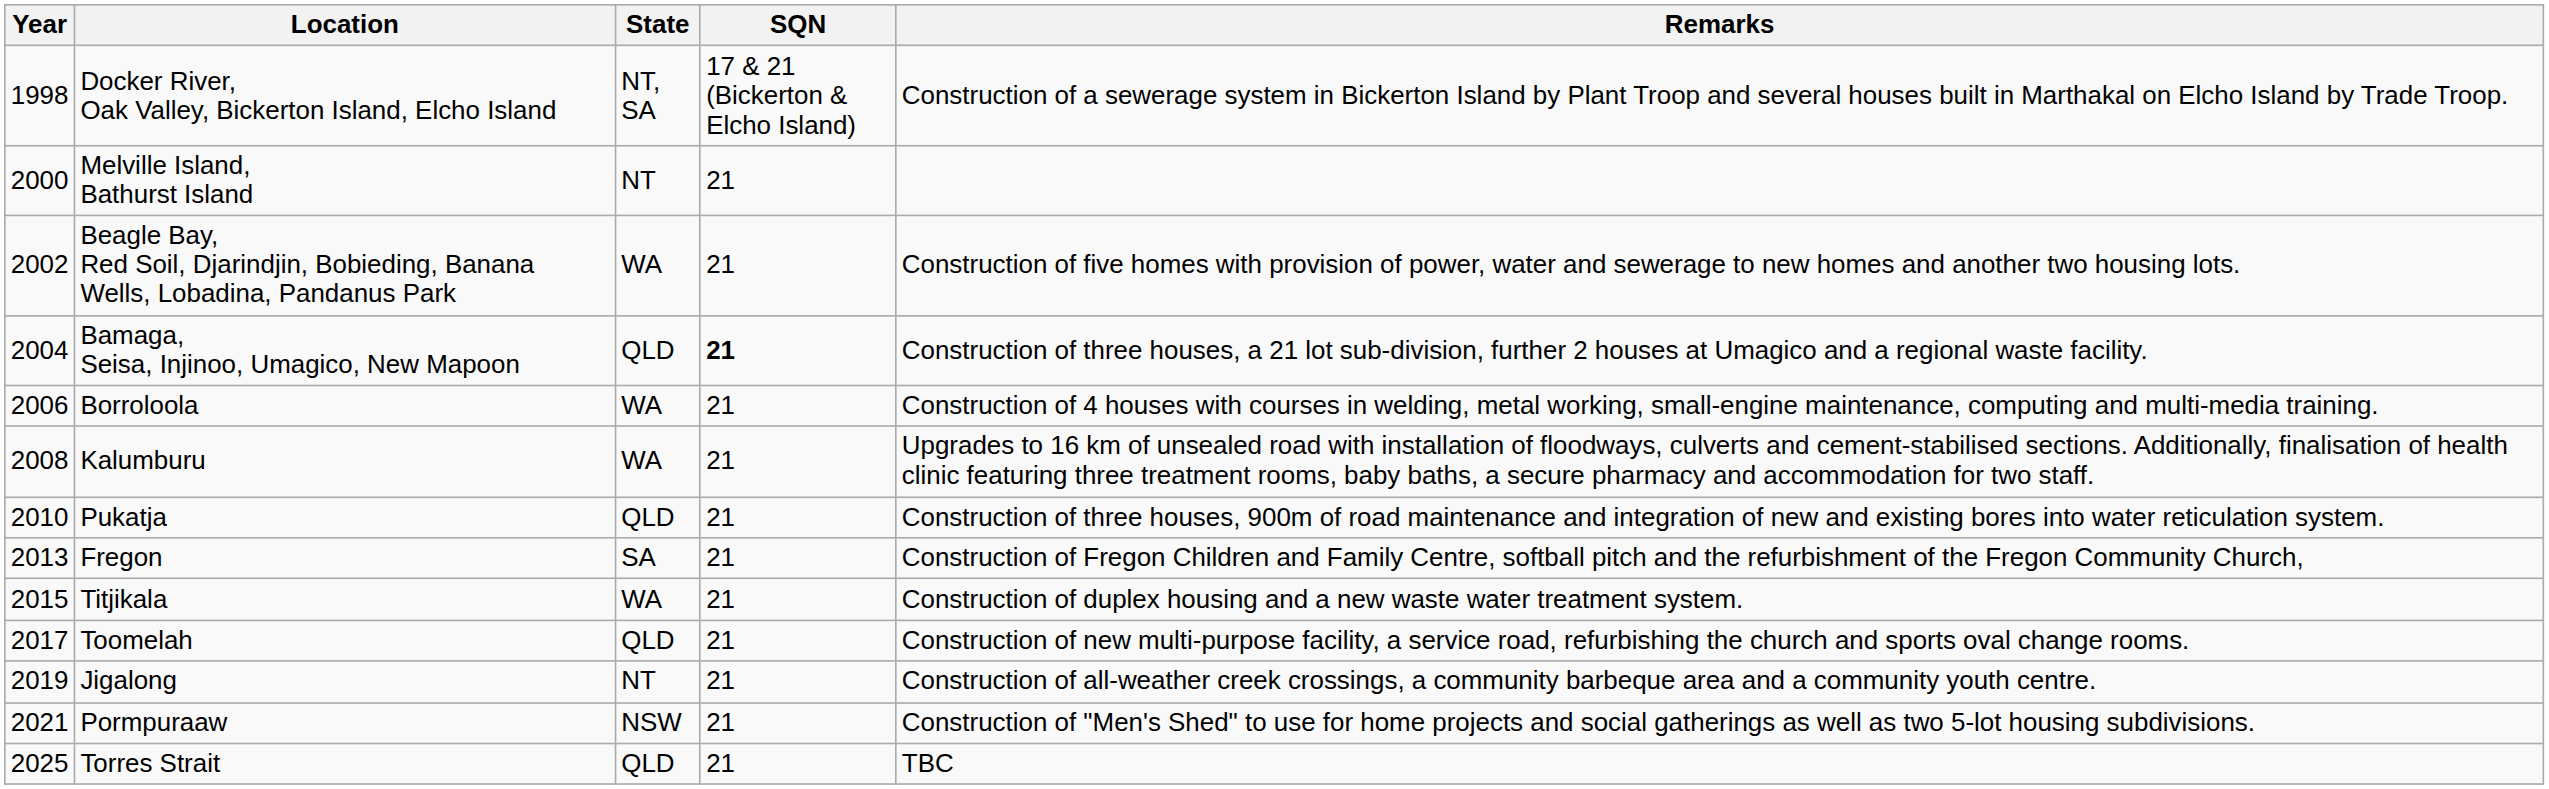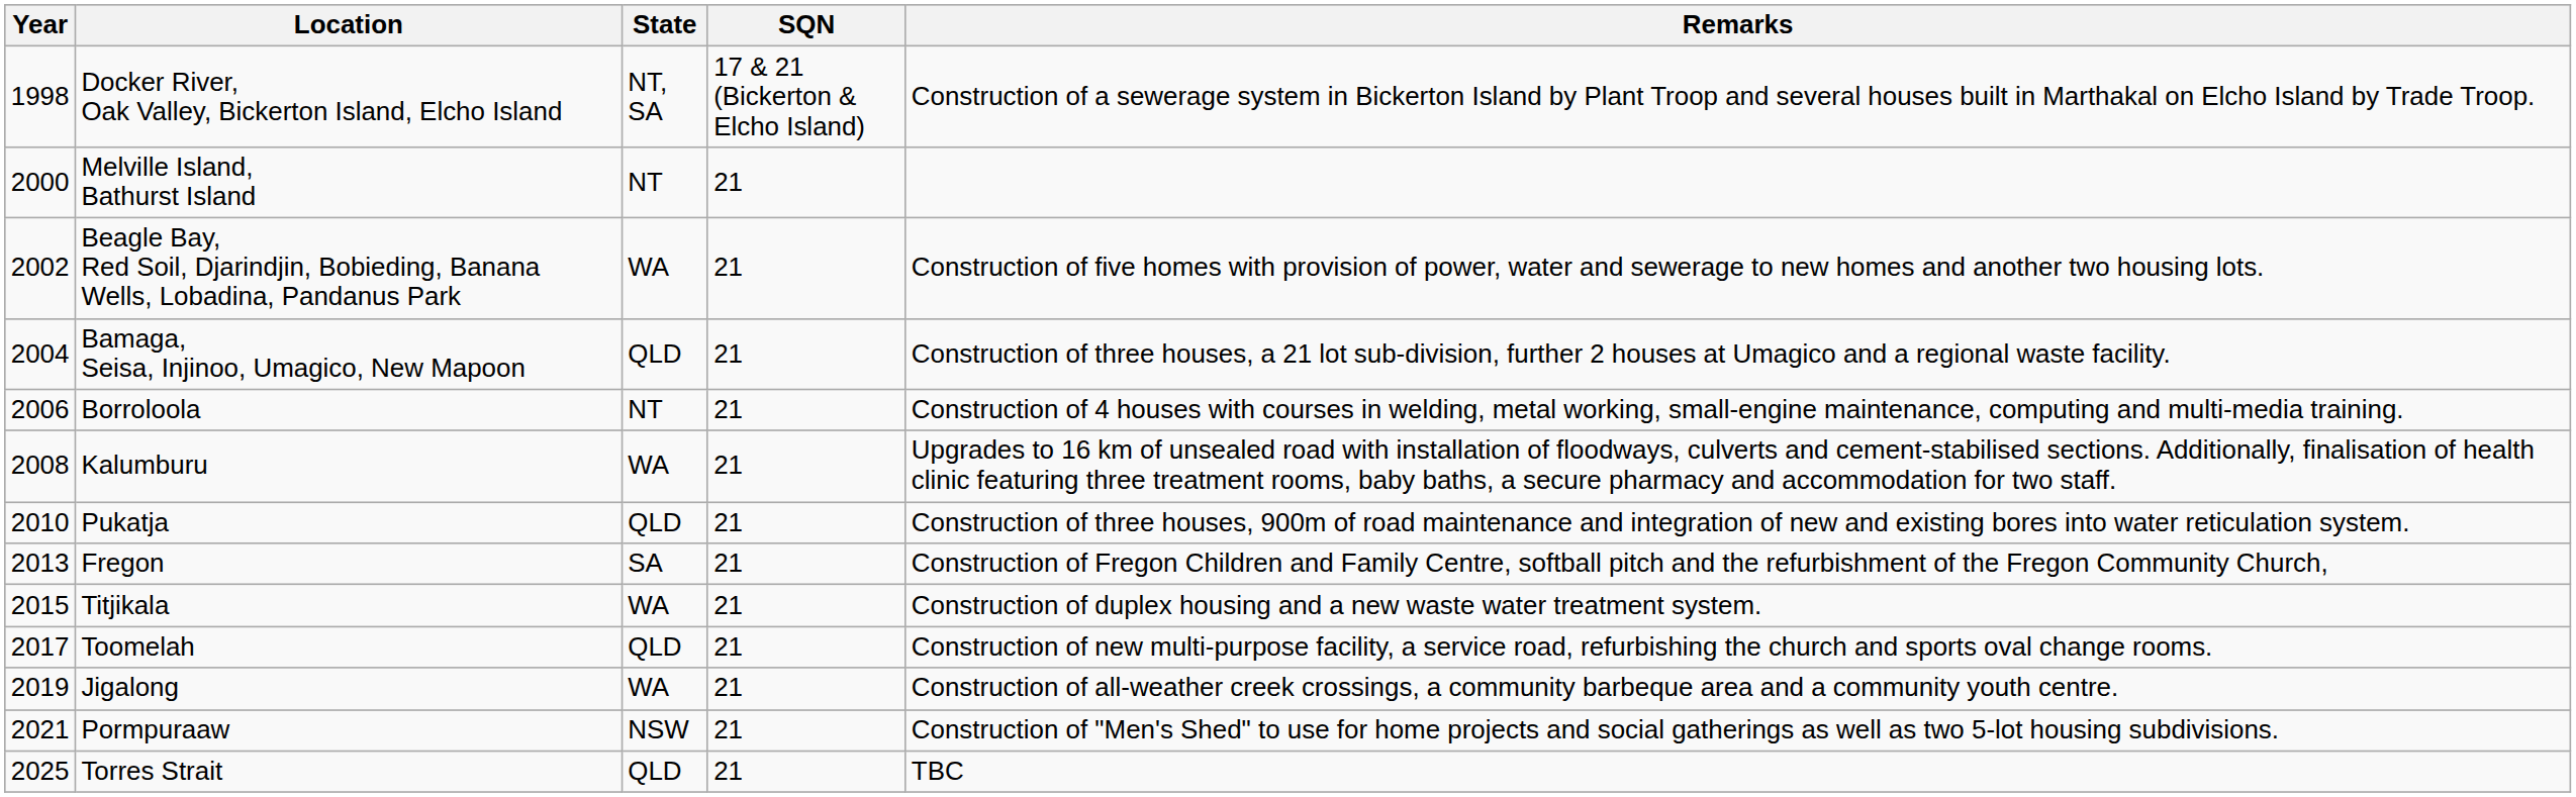 <table class="wikitable">
 <tr>
 <th>Year</th>
 <th>Location</th>
 <th>State</th>
 <th>SQN</th>
 <th>Remarks</th>
 </tr>
 <tr>
 <td>1998</td>
 <td>Docker River,<br>Oak Valley, Bickerton Island, Elcho Island</td>
 <td>NT, SA</td>
 <td>17 & 21 (Bickerton &<br>Elcho Island)</td>
 <td>Construction of a sewerage system in Bickerton Island by Plant Troop and several houses built in Marthakal on Elcho Island by Trade Troop.</td>
 </tr>
 <tr>
 <td>2000</td>
 <td>Melville Island,<br>Bathurst Island</td>
 <td>NT</td>
 <td>21</td>
 <td></td>
 </tr>
 <tr>
 <td>2002</td>
 <td>Beagle Bay,<br>Red Soil, Djarindjin, Bobieding, Banana Wells, Lobadina, Pandanus Park</td>
 <td>WA</td>
 <td>21</td>
 <td>Construction of five homes with provision of power, water and sewerage to new homes and another two housing lots.</td>
 </tr>
 <tr>
 <td>2004</td>
 <td>Bamaga,<br>Seisa, Injinoo, Umagico, New Mapoon</td>
 <td>QLD</td>
-<td><strong>21</strong></td>
+<td>21</td>
 <td>Construction of three houses, a 21 lot sub-division, further 2 houses at Umagico and a regional waste facility.</td>
 </tr>
 <tr>
 <td>2006</td>
 <td>Borroloola</td>
-<td>WA</td>
+<td>NT</td>
 <td>21</td>
 <td>Construction of 4 houses with courses in welding, metal working, small-engine maintenance, computing and multi-media training.</td>
 </tr>
 <tr>
 <td>2008</td>
 <td>Kalumburu</td>
 <td>WA</td>
 <td>21</td>
 <td>Upgrades to 16 km of unsealed road with installation of floodways, culverts and cement-stabilised sections. Additionally, finalisation of health clinic featuring three treatment rooms, baby baths, a secure pharmacy and accommodation for two staff.</td>
 </tr>
 <tr>
 <td>2010</td>
 <td>Pukatja</td>
 <td>QLD</td>
 <td>21</td>
 <td>Construction of three houses, 900m of road maintenance and integration of new and existing bores into water reticulation system.</td>
 </tr>
 <tr>
 <td>2013</td>
 <td>Fregon</td>
 <td>SA</td>
 <td>21</td>
 <td>Construction of Fregon Children and Family Centre, softball pitch and the refurbishment of the Fregon Community Church,</td>
 </tr>
 <tr>
 <td>2015</td>
 <td>Titjikala</td>
 <td>WA</td>
 <td>21</td>
 <td>Construction of duplex housing and a new waste water treatment system.</td>
 </tr>
 <tr>
 <td>2017</td>
 <td>Toomelah</td>
 <td>QLD</td>
 <td>21</td>
 <td>Construction of new multi-purpose facility, a service road, refurbishing the church and sports oval change rooms.</td>
 </tr>
 <tr>
 <td>2019</td>
 <td>Jigalong</td>
-<td>NT</td>
+<td>WA</td>
 <td>21</td>
 <td>Construction of all-weather creek crossings, a community barbeque area and a community youth centre.</td>
 </tr>
 <tr>
 <td>2021</td>
 <td>Pormpuraaw</td>
 <td>NSW</td>
 <td>21</td>
 <td>Construction of "Men's Shed" to use for home projects and social gatherings as well as two 5-lot housing subdivisions.</td>
 </tr>
 <tr>
 <td>2025</td>
 <td>Torres Strait</td>
 <td>QLD</td>
 <td>21</td>
 <td>TBC</td>
 </tr>
 </table>
